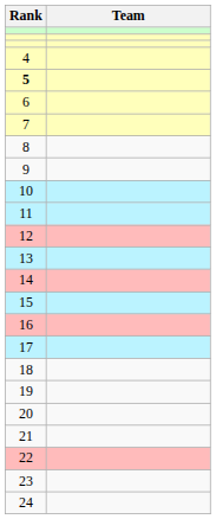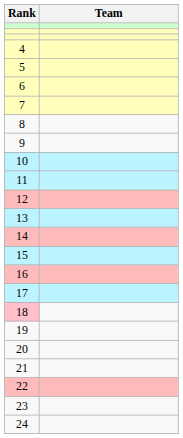 <table class="wikitable">
 <tr>
 <th width=40>Rank</th>
 <th width=180>Team</th>
 </tr>
 <tr bgcolor=#ccffcc>
 <td align=center></td>
 <td></td>
 </tr>
 <tr bgcolor=#FFFFBB>
 <td align=center></td>
 <td></td>
 </tr>
 <tr bgcolor=#FFFFBB>
 <td align=center></td>
 <td></td>
 </tr>
 <tr bgcolor=#FFFFBB>
 <td align=center>4</td>
 <td></td>
 </tr>
 <tr bgcolor=#FFFFBB>
-<td align=center><strong>5</strong></td>
+<td align=center>5</td>
 <td></td>
 </tr>
 <tr bgcolor=#FFFFBB>
 <td align=center>6</td>
 <td></td>
 </tr>
 <tr bgcolor=#FFFFBB>
 <td align=center>7</td>
 <td></td>
 </tr>
 <tr>
 <td align=center>8</td>
 <td></td>
 </tr>
 <tr>
 <td align=center>9</td>
 <td></td>
 </tr>
 <tr bgcolor=#BBF3FF>
 <td align=center>10</td>
 <td></td>
 </tr>
 <tr bgcolor=#BBF3FF>
 <td align=center>11</td>
 <td></td>
 </tr>
 <tr bgcolor=#FFBBBB>
 <td align=center>12</td>
 <td></td>
 </tr>
 <tr bgcolor=#BBF3FF>
 <td align=center>13</td>
 <td></td>
 </tr>
 <tr bgcolor=#FFBBBB>
 <td align=center>14</td>
 <td></td>
 </tr>
 <tr bgcolor=#BBF3FF>
 <td align=center>15</td>
 <td></td>
 </tr>
 <tr bgcolor=#FFBBBB>
 <td align=center>16</td>
 <td></td>
 </tr>
 <tr bgcolor=#BBF3FF>
 <td align=center>17</td>
 <td></td>
 </tr>
 <tr>
-<td align=center>18</td>
+<td align=center style="background: pink;">18</td>
 <td></td>
 </tr>
 <tr>
 <td align=center>19</td>
 <td></td>
 </tr>
 <tr>
 <td align=center>20</td>
 <td></td>
 </tr>
 <tr>
 <td align=center>21</td>
 <td></td>
 </tr>
 <tr bgcolor=#FFBBBB>
 <td align=center>22</td>
 <td></td>
 </tr>
 <tr>
 <td align=center>23</td>
 <td></td>
 </tr>
 <tr>
 <td align=center>24</td>
 <td></td>
 </tr>
 </table>
